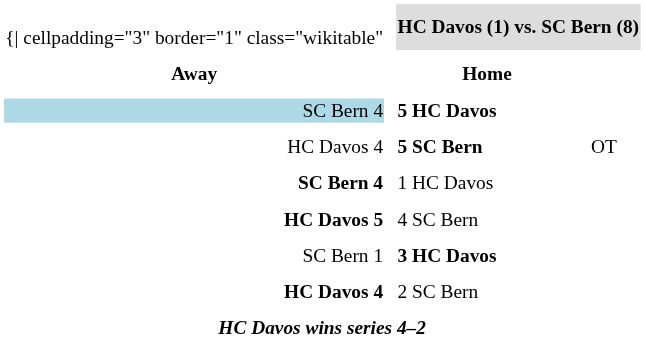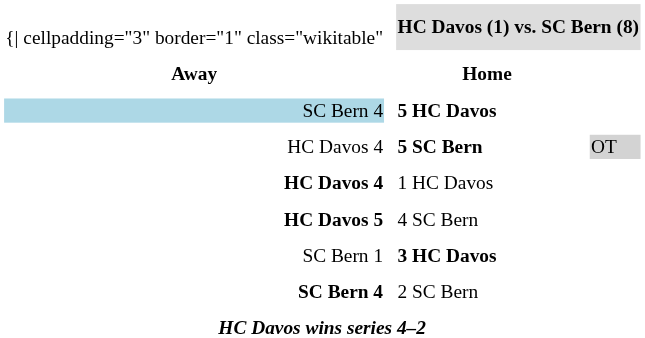 <table cellspacing="10">
 <tr>
 <td valign="top"><br>	{| cellpadding="3" border="1"  class="wikitable"</td>
 <th bgcolor="#DDDDDD" colspan="4">HC Davos (1) vs. SC Bern (8)</th>
 </tr>
 <tr>
 <th>Away</th>
 <th>Home</th>
 </tr>
 <tr>
 <td align = "right" style="background: lightblue;">SC Bern 4</td>
 <td><strong>5 HC Davos</strong></td>
 <td> </td>
 </tr>
 <tr>
 <td align = "right">HC Davos 4</td>
 <td><strong>5 SC Bern</strong></td>
-<td>OT</td>
+<td style="background: lightgrey;">OT</td>
 </tr>
 <tr>
-<td align = "right"><strong>SC Bern 4</strong></td>
+<td align = "right"><strong>HC Davos 4</strong></td>
 <td>1 HC Davos</td>
 <td> </td>
 </tr>
 <tr>
 <td align = "right"><strong>HC Davos 5</strong></td>
 <td>4 SC Bern</td>
 <td> </td>
 </tr>
 <tr>
 <td align = "right">SC Bern 1</td>
 <td><strong>3 HC Davos</strong></td>
 <td> </td>
 </tr>
 <tr>
-<td align = "right"><strong>HC Davos 4</strong></td>
+<td align = "right"><strong>SC Bern 4</strong></td>
 <td>2 SC Bern</td>
 <td> </td>
 </tr>
 <tr align="center">
 <td colspan="4"><strong><em>HC Davos wins series 4–2</em></strong></td>
 </tr>
 </table>
